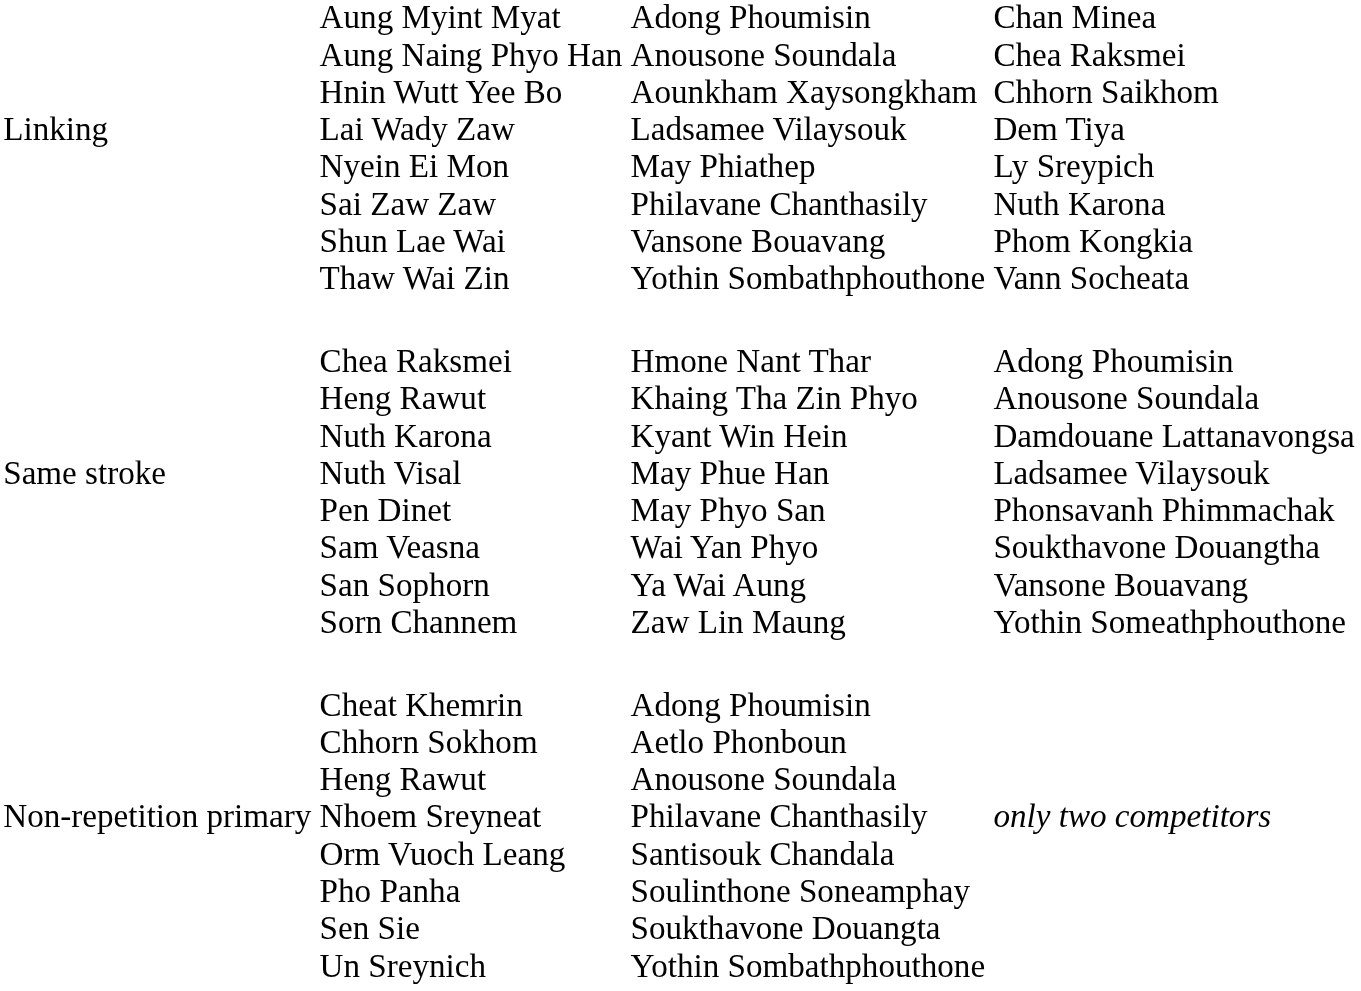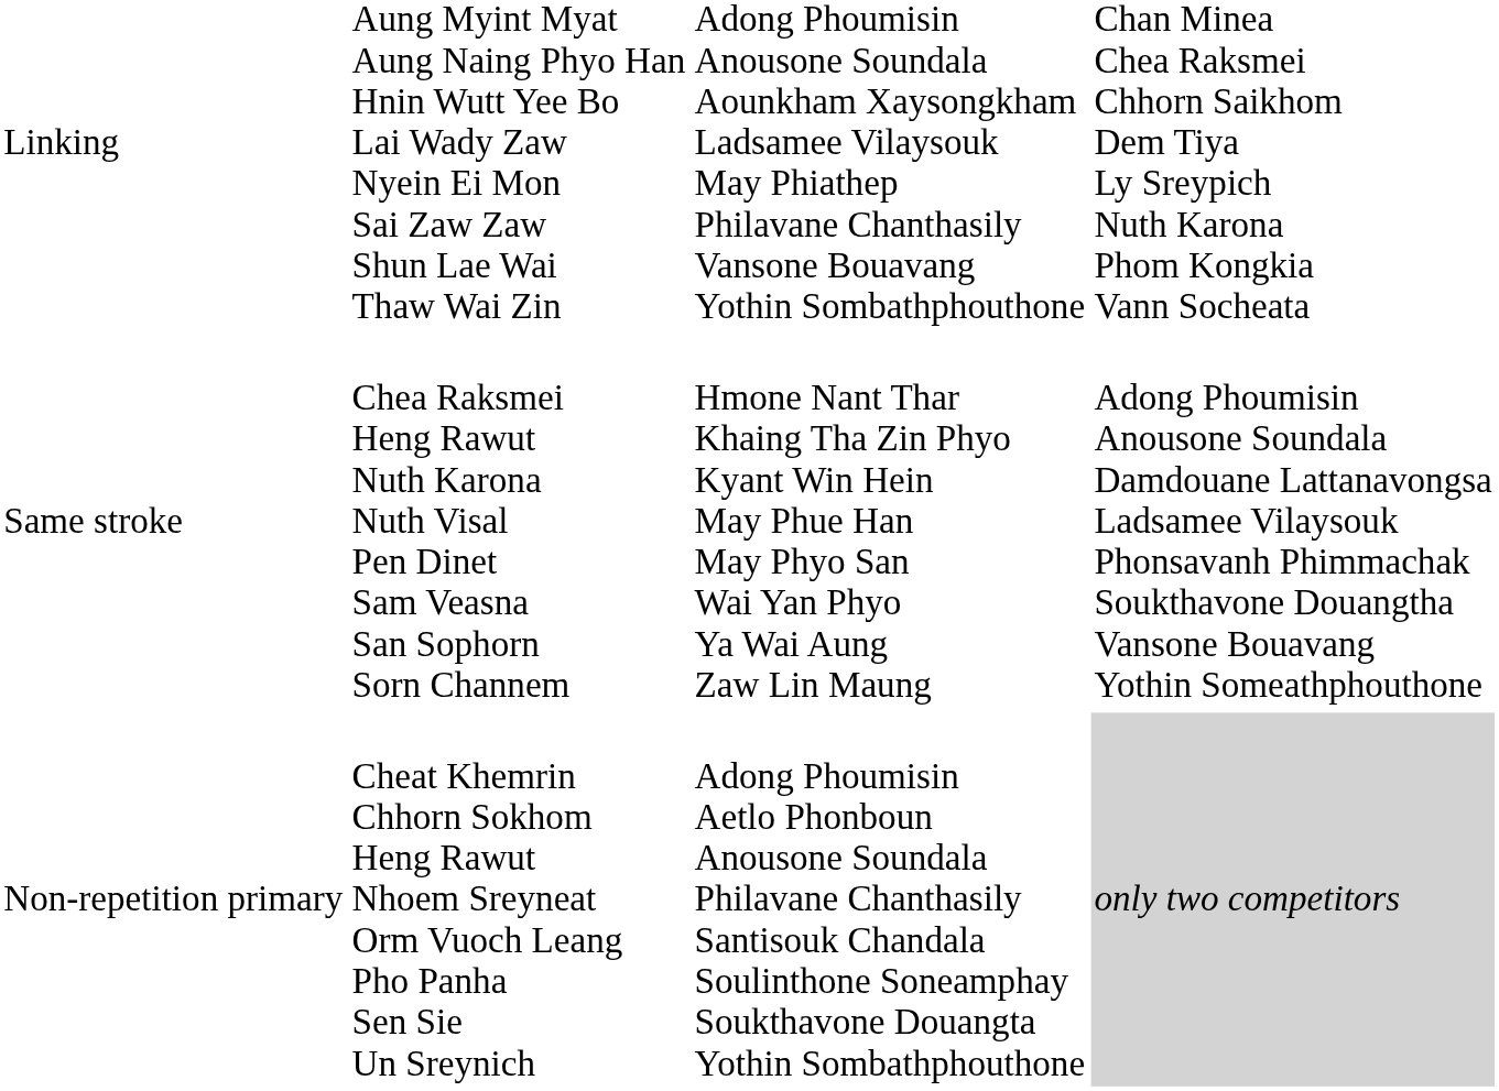 <table>
 <tr>
 <td>Linking</td>
 <td nowrap><br>Aung Myint Myat<br>Aung Naing Phyo Han<br>Hnin Wutt Yee Bo<br>Lai Wady Zaw<br>Nyein Ei Mon<br>Sai Zaw Zaw<br>Shun Lae Wai<br>Thaw Wai Zin</td>
 <td><br>Adong Phoumisin<br>Anousone Soundala<br>Aounkham Xaysongkham<br>Ladsamee Vilaysouk<br>May Phiathep<br>Philavane Chanthasily<br>Vansone Bouavang<br>Yothin Sombathphouthone</td>
 <td><br>Chan Minea<br>Chea Raksmei<br>Chhorn Saikhom<br>Dem Tiya<br>Ly Sreypich<br>Nuth Karona<br>Phom Kongkia<br>Vann Socheata</td>
 </tr>
 <tr>
 <td>Same stroke</td>
 <td><br>Chea Raksmei<br>Heng Rawut<br>Nuth Karona<br>Nuth Visal<br>Pen Dinet<br>Sam Veasna<br>San Sophorn<br>Sorn Channem</td>
 <td><br>Hmone Nant Thar<br>Khaing Tha Zin Phyo<br>Kyant Win Hein<br>May Phue Han<br>May Phyo San<br>Wai Yan Phyo<br>Ya Wai Aung<br>Zaw Lin Maung</td>
 <td nowrap><br>Adong Phoumisin<br>Anousone Soundala<br>Damdouane Lattanavongsa<br>Ladsamee Vilaysouk<br>Phonsavanh Phimmachak<br>Soukthavone Douangtha<br>Vansone Bouavang<br>Yothin Someathphouthone</td>
 </tr>
 <tr>
 <td>Non-repetition primary</td>
 <td><br>Cheat Khemrin<br>Chhorn Sokhom<br>Heng Rawut<br>Nhoem Sreyneat<br>Orm Vuoch Leang<br>Pho Panha<br>Sen Sie<br>Un Sreynich</td>
 <td nowrap><br>Adong Phoumisin<br>Aetlo Phonboun<br>Anousone Soundala<br>Philavane Chanthasily<br>Santisouk Chandala<br>Soulinthone Soneamphay<br>Soukthavone Douangta<br>Yothin Sombathphouthone</td>
-<td><em>only two competitors</em></td>
+<td style="background: lightgrey;"><em>only two competitors</em></td>
 </tr>
 </table>
